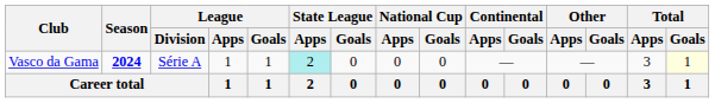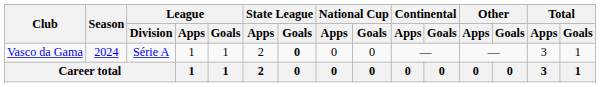 <table class="wikitable" style="text-align:center">
 <tr>
 <th rowspan="2">Club</th>
 <th rowspan="2">Season</th>
 <th colspan="3">League</th>
 <th colspan="2">State League</th>
 <th colspan="2">National Cup</th>
 <th colspan="2">Continental</th>
 <th colspan="2">Other</th>
 <th colspan="2">Total</th>
 </tr>
 <tr>
 <th>Division</th>
 <th>Apps</th>
 <th>Goals</th>
 <th>Apps</th>
 <th>Goals</th>
 <th>Apps</th>
 <th>Goals</th>
 <th>Apps</th>
 <th>Goals</th>
 <th>Apps</th>
 <th>Goals</th>
 <th>Apps</th>
 <th>Goals</th>
 </tr>
 <tr>
 <td><a href='#'>Vasco da Gama</a></td>
-<td><strong><a href='#'>2024</a></strong></td>
+<td><a href='#'>2024</a></td>
 <td><a href='#'>Série A</a></td>
 <td>1</td>
 <td>1</td>
-<td style="background: paleturquoise;">2</td>
-<td>0</td>
+<td>2</td>
+<td><strong>0</strong></td>
 <td>0</td>
 <td>0</td>
 <td colspan="2">—</td>
 <td colspan="2">—</td>
 <td>3</td>
-<td style="background: lightyellow;">1</td>
+<td>1</td>
 </tr>
 <tr>
 <th colspan="3">Career total</th>
 <th>1</th>
 <th>1</th>
 <th>2</th>
 <th>0</th>
 <th>0</th>
 <th>0</th>
 <th>0</th>
 <th>0</th>
 <th>0</th>
 <th>0</th>
 <th>3</th>
 <th>1</th>
 </tr>
 </table>
